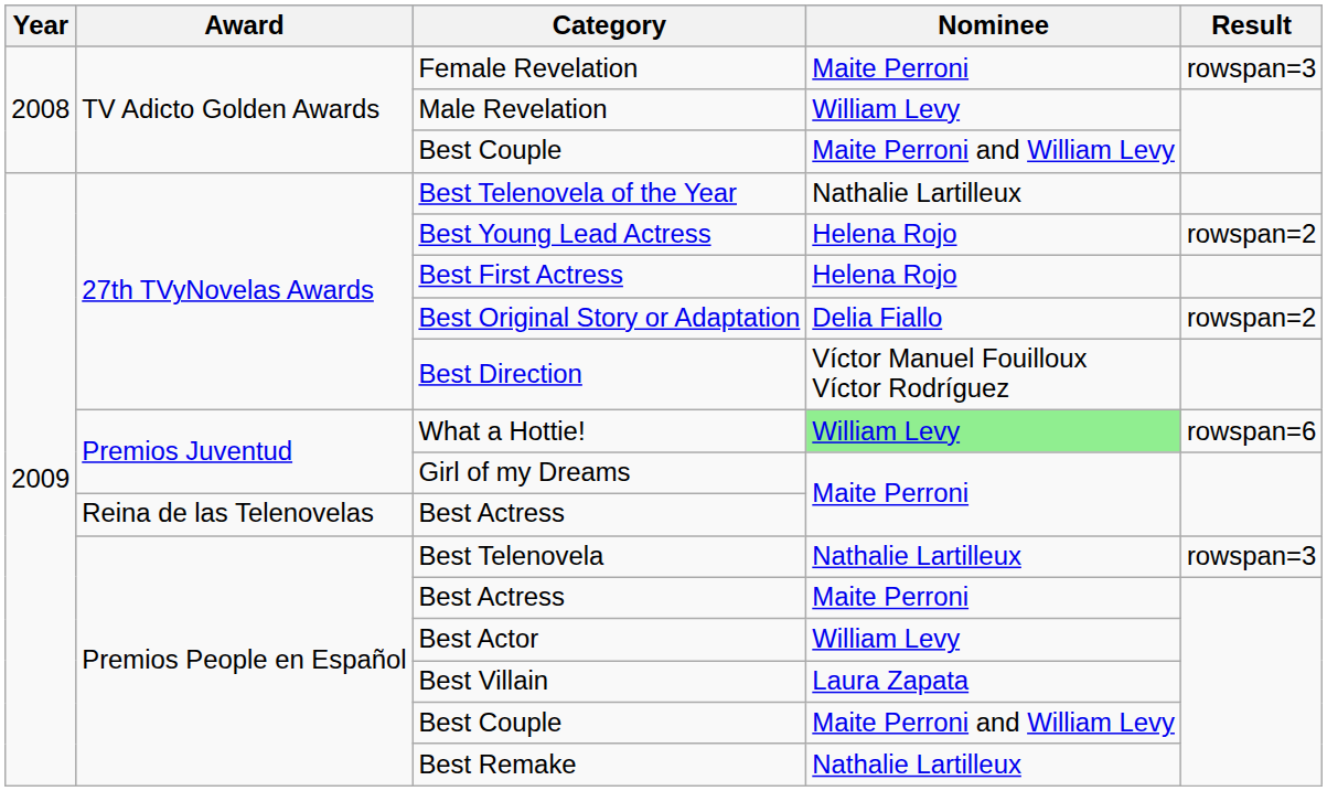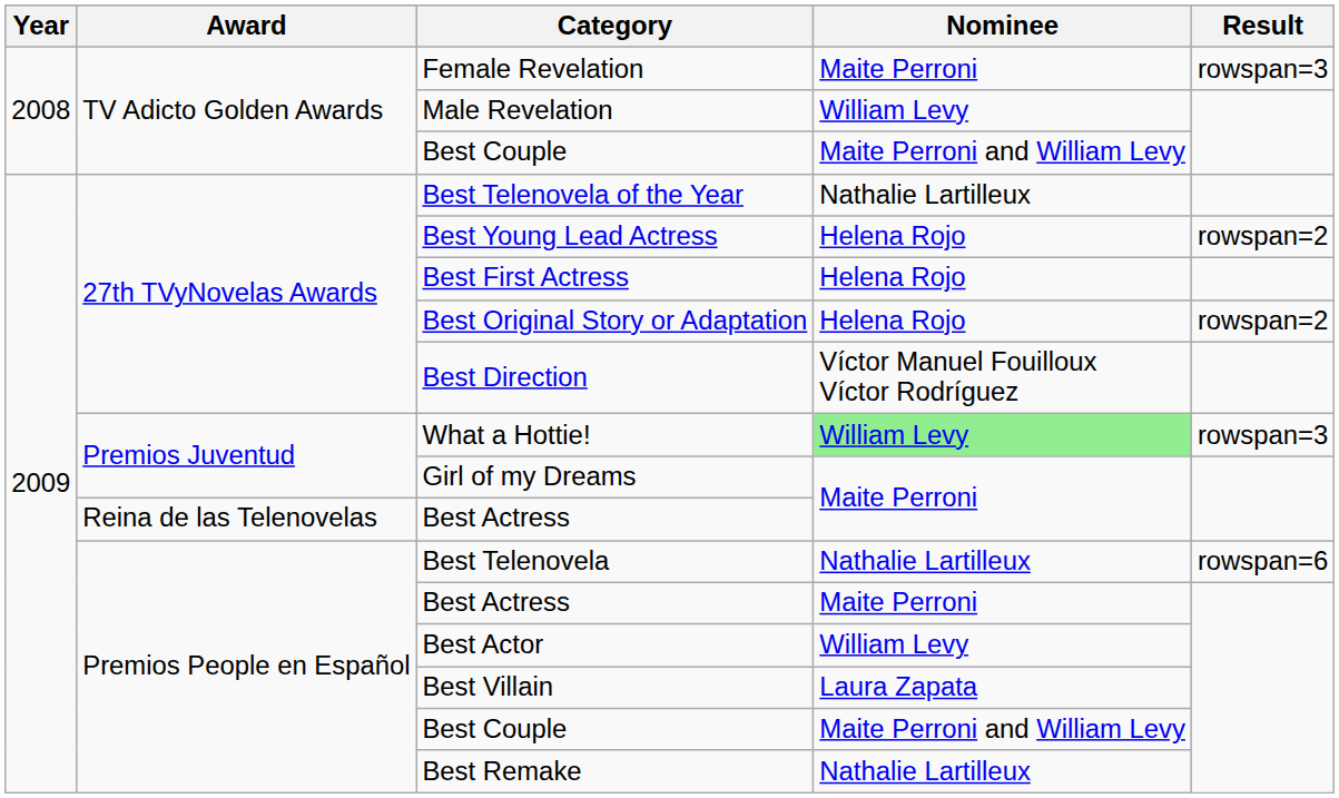 <table class="wikitable">
 <tr style="background:#b0c4de;">
 <th>Year</th>
 <th>Award</th>
 <th>Category</th>
 <th>Nominee</th>
 <th>Result</th>
 </tr>
 <tr>
 <td rowspan="3">2008</td>
 <td rowspan="3">TV Adicto Golden Awards</td>
 <td>Female Revelation</td>
 <td><a href='#'>Maite Perroni</a></td>
 <td>rowspan=3 </td>
 </tr>
 <tr>
 <td>Male Revelation</td>
 <td><a href='#'>William Levy</a></td>
 </tr>
 <tr>
 <td>Best Couple</td>
 <td><a href='#'>Maite Perroni</a> and <a href='#'>William Levy</a></td>
 </tr>
 <tr>
 <td rowspan="14">2009</td>
 <td rowspan="5"><a href='#'>27th TVyNovelas Awards</a></td>
 <td><a href='#'>Best Telenovela of the Year</a></td>
 <td>Nathalie Lartilleux</td>
 <td></td>
 </tr>
 <tr>
 <td><a href='#'>Best Young Lead Actress</a></td>
 <td><a href='#'>Helena Rojo</a></td>
 <td>rowspan=2 </td>
 </tr>
 <tr>
 <td><a href='#'>Best First Actress</a></td>
 <td><a href='#'>Helena Rojo</a></td>
 </tr>
 <tr>
 <td><a href='#'>Best Original Story or Adaptation</a></td>
-<td><a href='#'>Delia Fiallo</a></td>
+<td><a href='#'>Helena Rojo</a></td>
 <td>rowspan=2 </td>
 </tr>
 <tr>
 <td><a href='#'>Best Direction</a></td>
 <td>Víctor Manuel Fouilloux<br>Víctor Rodríguez</td>
 </tr>
 <tr>
 <td rowspan="2"><a href='#'>Premios Juventud</a></td>
 <td>What a Hottie!</td>
 <td style="background: lightgreen;"><a href='#'>William Levy</a></td>
-<td>rowspan=6 </td>
+<td>rowspan=3 </td>
 </tr>
 <tr>
 <td>Girl of my Dreams</td>
 <td rowspan=2><a href='#'>Maite Perroni</a></td>
 </tr>
 <tr>
 <td>Reina de las Telenovelas</td>
 <td>Best Actress</td>
 </tr>
 <tr>
 <td rowspan=6>Premios People en Español</td>
 <td>Best Telenovela</td>
 <td><a href='#'>Nathalie Lartilleux</a></td>
-<td>rowspan=3 </td>
+<td>rowspan=6 </td>
 </tr>
 <tr>
 <td>Best Actress</td>
 <td><a href='#'>Maite Perroni</a></td>
 </tr>
 <tr>
 <td>Best Actor</td>
 <td><a href='#'>William Levy</a></td>
 </tr>
 <tr>
 <td>Best Villain</td>
 <td><a href='#'>Laura Zapata</a></td>
 </tr>
 <tr>
 <td>Best Couple</td>
 <td><a href='#'>Maite Perroni</a> and <a href='#'>William Levy</a></td>
 </tr>
 <tr>
 <td>Best Remake</td>
 <td><a href='#'>Nathalie Lartilleux</a></td>
 </tr>
 <tr>
 </tr>
 </table>
